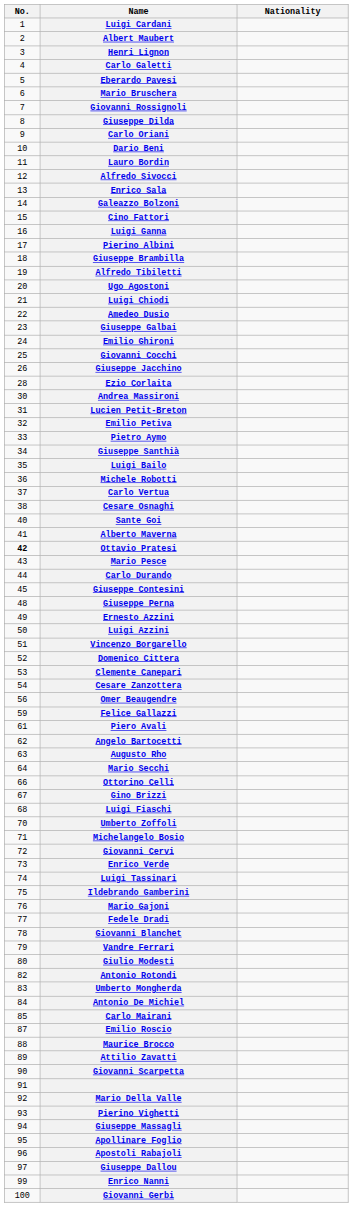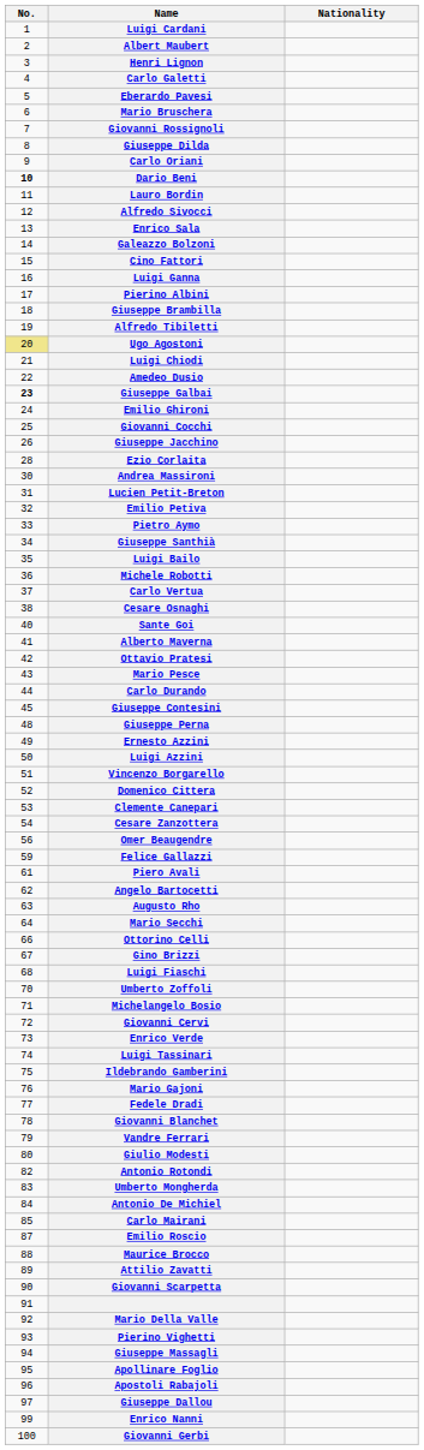 <table class="wikitable plainrowheaders sortable" style="width:60%">
 <tr>
 <th scope="col">No.</th>
 <th scope="col">Name</th>
 <th scope="col">Nationality</th>
 </tr>
 <tr>
 <td style="text-align:center;">1</td>
 <th scope="row"><a href='#'>Luigi Cardani</a></th>
 <td></td>
 </tr>
 <tr>
 <td style="text-align:center;">2</td>
 <th scope="row"><a href='#'>Albert Maubert</a></th>
 <td></td>
 </tr>
 <tr>
 <td style="text-align:center;">3</td>
 <th scope="row"><a href='#'>Henri Lignon</a></th>
 <td></td>
 </tr>
 <tr>
 <td style="text-align:center;">4</td>
 <th scope="row"><a href='#'>Carlo Galetti</a></th>
 <td></td>
 </tr>
 <tr>
 <td style="text-align:center;">5</td>
 <th scope="row"><a href='#'>Eberardo Pavesi</a></th>
 <td></td>
 </tr>
 <tr>
 <td style="text-align:center;">6</td>
 <th scope="row"><a href='#'>Mario Bruschera</a></th>
 <td></td>
 </tr>
 <tr>
 <td style="text-align:center;">7</td>
 <th scope="row"><a href='#'>Giovanni Rossignoli</a></th>
 <td></td>
 </tr>
 <tr>
 <td style="text-align:center;">8</td>
 <th scope="row"><a href='#'>Giuseppe Dilda</a></th>
 <td></td>
 </tr>
 <tr>
 <td style="text-align:center;">9</td>
 <th scope="row"><a href='#'>Carlo Oriani</a></th>
 <td></td>
 </tr>
 <tr>
-<td style="text-align:center;">10</td>
+<td style="text-align:center;"><strong>10</strong></td>
 <th scope="row"><a href='#'>Dario Beni</a></th>
 <td></td>
 </tr>
 <tr>
 <td style="text-align:center;">11</td>
 <th scope="row"><a href='#'>Lauro Bordin</a></th>
 <td></td>
 </tr>
 <tr>
 <td style="text-align:center;">12</td>
 <th scope="row"><a href='#'>Alfredo Sivocci</a></th>
 <td></td>
 </tr>
 <tr>
 <td style="text-align:center;">13</td>
 <th scope="row"><a href='#'>Enrico Sala</a></th>
 <td></td>
 </tr>
 <tr>
 <td style="text-align:center;">14</td>
 <th scope="row"><a href='#'>Galeazzo Bolzoni</a></th>
 <td></td>
 </tr>
 <tr>
 <td style="text-align:center;">15</td>
 <th scope="row"><a href='#'>Cino Fattori</a></th>
 <td></td>
 </tr>
 <tr>
 <td style="text-align:center;">16</td>
 <th scope="row"><a href='#'>Luigi Ganna</a></th>
 <td></td>
 </tr>
 <tr>
 <td style="text-align:center;">17</td>
 <th scope="row"><a href='#'>Pierino Albini</a></th>
 <td></td>
 </tr>
 <tr>
 <td style="text-align:center;">18</td>
 <th scope="row"><a href='#'>Giuseppe Brambilla</a></th>
 <td></td>
 </tr>
 <tr>
 <td style="text-align:center;">19</td>
 <th scope="row"><a href='#'>Alfredo Tibiletti</a></th>
 <td></td>
 </tr>
 <tr>
-<td style="text-align:center;">20</td>
+<td style="background: khaki; text-align:center;">20</td>
 <th scope="row"><a href='#'>Ugo Agostoni</a></th>
 <td></td>
 </tr>
 <tr>
 <td style="text-align:center;">21</td>
 <th scope="row"><a href='#'>Luigi Chiodi</a></th>
 <td></td>
 </tr>
 <tr>
 <td style="text-align:center;">22</td>
 <th scope="row"><a href='#'>Amedeo Dusio</a></th>
 <td></td>
 </tr>
 <tr>
-<td style="text-align:center;">23</td>
+<td style="text-align:center;"><strong>23</strong></td>
 <th scope="row"><a href='#'>Giuseppe Galbai</a></th>
 <td></td>
 </tr>
 <tr>
 <td style="text-align:center;">24</td>
 <th scope="row"><a href='#'>Emilio Ghironi</a></th>
 <td></td>
 </tr>
 <tr>
 <td style="text-align:center;">25</td>
 <th scope="row"><a href='#'>Giovanni Cocchi</a></th>
 <td></td>
 </tr>
 <tr>
 <td style="text-align:center;">26</td>
 <th scope="row"><a href='#'>Giuseppe Jacchino</a></th>
 <td></td>
 </tr>
 <tr>
 <td style="text-align:center;">28</td>
 <th scope="row"><a href='#'>Ezio Corlaita</a></th>
 <td></td>
 </tr>
 <tr>
 <td style="text-align:center;">30</td>
 <th scope="row"><a href='#'>Andrea Massironi</a></th>
 <td></td>
 </tr>
 <tr>
 <td style="text-align:center;">31</td>
 <th scope="row"><a href='#'>Lucien Petit-Breton</a></th>
 <td></td>
 </tr>
 <tr>
 <td style="text-align:center;">32</td>
 <th scope="row"><a href='#'>Emilio Petiva</a></th>
 <td></td>
 </tr>
 <tr>
 <td style="text-align:center;">33</td>
 <th scope="row"><a href='#'>Pietro Aymo</a></th>
 <td></td>
 </tr>
 <tr>
 <td style="text-align:center;">34</td>
 <th scope="row"><a href='#'>Giuseppe Santhià</a></th>
 <td></td>
 </tr>
 <tr>
 <td style="text-align:center;">35</td>
 <th scope="row"><a href='#'>Luigi Bailo</a></th>
 <td></td>
 </tr>
 <tr>
 <td style="text-align:center;">36</td>
 <th scope="row"><a href='#'>Michele Robotti</a></th>
 <td></td>
 </tr>
 <tr>
 <td style="text-align:center;">37</td>
 <th scope="row"><a href='#'>Carlo Vertua</a></th>
 <td></td>
 </tr>
 <tr>
 <td style="text-align:center;">38</td>
 <th scope="row"><a href='#'>Cesare Osnaghi</a></th>
 <td></td>
 </tr>
 <tr>
 <td style="text-align:center;">40</td>
 <th scope="row"><a href='#'>Sante Goi</a></th>
 <td></td>
 </tr>
 <tr>
 <td style="text-align:center;">41</td>
 <th scope="row"><a href='#'>Alberto Maverna</a></th>
 <td></td>
 </tr>
 <tr>
-<td style="text-align:center;"><strong>42</strong></td>
+<td style="text-align:center;">42</td>
 <th scope="row"><a href='#'>Ottavio Pratesi</a></th>
 <td></td>
 </tr>
 <tr>
 <td style="text-align:center;">43</td>
 <th scope="row"><a href='#'>Mario Pesce</a></th>
 <td></td>
 </tr>
 <tr>
 <td style="text-align:center;">44</td>
 <th scope="row"><a href='#'>Carlo Durando</a></th>
 <td></td>
 </tr>
 <tr>
 <td style="text-align:center;">45</td>
 <th scope="row"><a href='#'>Giuseppe Contesini</a></th>
 <td></td>
 </tr>
 <tr>
 <td style="text-align:center;">48</td>
 <th scope="row"><a href='#'>Giuseppe Perna</a></th>
 <td></td>
 </tr>
 <tr>
 <td style="text-align:center;">49</td>
 <th scope="row"><a href='#'>Ernesto Azzini</a></th>
 <td></td>
 </tr>
 <tr>
 <td style="text-align:center;">50</td>
 <th scope="row"><a href='#'>Luigi Azzini</a></th>
 <td></td>
 </tr>
 <tr>
 <td style="text-align:center;">51</td>
 <th scope="row"><a href='#'>Vincenzo Borgarello</a></th>
 <td></td>
 </tr>
 <tr>
 <td style="text-align:center;">52</td>
 <th scope="row"><a href='#'>Domenico Cittera</a></th>
 <td></td>
 </tr>
 <tr>
 <td style="text-align:center;">53</td>
 <th scope="row"><a href='#'>Clemente Canepari</a></th>
 <td></td>
 </tr>
 <tr>
 <td style="text-align:center;">54</td>
 <th scope="row"><a href='#'>Cesare Zanzottera</a></th>
 <td></td>
 </tr>
 <tr>
 <td style="text-align:center;">56</td>
 <th scope="row"><a href='#'>Omer Beaugendre</a></th>
 <td></td>
 </tr>
 <tr>
 <td style="text-align:center;">59</td>
 <th scope="row"><a href='#'>Felice Gallazzi</a></th>
 <td></td>
 </tr>
 <tr>
 <td style="text-align:center;">61</td>
 <th scope="row"><a href='#'>Piero Avali</a></th>
 <td></td>
 </tr>
 <tr>
 <td style="text-align:center;">62</td>
 <th scope="row"><a href='#'>Angelo Bartocetti</a></th>
 <td></td>
 </tr>
 <tr>
 <td style="text-align:center;">63</td>
 <th scope="row"><a href='#'>Augusto Rho</a></th>
 <td></td>
 </tr>
 <tr>
 <td style="text-align:center;">64</td>
 <th scope="row"><a href='#'>Mario Secchi</a></th>
 <td></td>
 </tr>
 <tr>
 <td style="text-align:center;">66</td>
 <th scope="row"><a href='#'>Ottorino Celli</a></th>
 <td></td>
 </tr>
 <tr>
 <td style="text-align:center;">67</td>
 <th scope="row"><a href='#'>Gino Brizzi</a></th>
 <td></td>
 </tr>
 <tr>
 <td style="text-align:center;">68</td>
 <th scope="row"><a href='#'>Luigi Fiaschi</a></th>
 <td></td>
 </tr>
 <tr>
 <td style="text-align:center;">70</td>
 <th scope="row"><a href='#'>Umberto Zoffoli</a></th>
 <td></td>
 </tr>
 <tr>
 <td style="text-align:center;">71</td>
 <th scope="row"><a href='#'>Michelangelo Bosio</a></th>
 <td></td>
 </tr>
 <tr>
 <td style="text-align:center;">72</td>
 <th scope="row"><a href='#'>Giovanni Cervi</a></th>
 <td></td>
 </tr>
 <tr>
 <td style="text-align:center;">73</td>
 <th scope="row"><a href='#'>Enrico Verde</a></th>
 <td></td>
 </tr>
 <tr>
 <td style="text-align:center;">74</td>
 <th scope="row"><a href='#'>Luigi Tassinari</a></th>
 <td></td>
 </tr>
 <tr>
 <td style="text-align:center;">75</td>
 <th scope="row"><a href='#'>Ildebrando Gamberini</a></th>
 <td></td>
 </tr>
 <tr>
 <td style="text-align:center;">76</td>
 <th scope="row"><a href='#'>Mario Gajoni</a></th>
 <td></td>
 </tr>
 <tr>
 <td style="text-align:center;">77</td>
 <th scope="row"><a href='#'>Fedele Dradi</a></th>
 <td></td>
 </tr>
 <tr>
 <td style="text-align:center;">78</td>
 <th scope="row"><a href='#'>Giovanni Blanchet</a></th>
 <td></td>
 </tr>
 <tr>
 <td style="text-align:center;">79</td>
 <th scope="row"><a href='#'>Vandre Ferrari</a></th>
 <td></td>
 </tr>
 <tr>
 <td style="text-align:center;">80</td>
 <th scope="row"><a href='#'>Giulio Modesti</a></th>
 <td></td>
 </tr>
 <tr>
 <td style="text-align:center;">82</td>
 <th scope="row"><a href='#'>Antonio Rotondi</a></th>
 <td></td>
 </tr>
 <tr>
 <td style="text-align:center;">83</td>
 <th scope="row"><a href='#'>Umberto Mongherda</a></th>
 <td></td>
 </tr>
 <tr>
 <td style="text-align:center;">84</td>
 <th scope="row"><a href='#'>Antonio De Michiel</a></th>
 <td></td>
 </tr>
 <tr>
 <td style="text-align:center;">85</td>
 <th scope="row"><a href='#'>Carlo Mairani</a></th>
 <td></td>
 </tr>
 <tr>
 <td style="text-align:center;">87</td>
 <th scope="row"><a href='#'>Emilio Roscio</a></th>
 <td></td>
 </tr>
 <tr>
 <td style="text-align:center;">88</td>
 <th scope="row"><a href='#'>Maurice Brocco</a></th>
 <td></td>
 </tr>
 <tr>
 <td style="text-align:center;">89</td>
 <th scope="row"><a href='#'>Attilio Zavatti</a></th>
 <td></td>
 </tr>
 <tr>
 <td style="text-align:center;">90</td>
 <th scope="row"><a href='#'>Giovanni Scarpetta</a></th>
 <td></td>
 </tr>
 <tr>
 <td style="text-align:center;">91</td>
 <th scope="row"></th>
 <td></td>
 </tr>
 <tr>
 <td style="text-align:center;">92</td>
 <th scope="row"><a href='#'>Mario Della Valle</a></th>
 <td></td>
 </tr>
 <tr>
 <td style="text-align:center;">93</td>
 <th scope="row"><a href='#'>Pierino Vighetti</a></th>
 <td></td>
 </tr>
 <tr>
 <td style="text-align:center;">94</td>
 <th scope="row"><a href='#'>Giuseppe Massagli</a></th>
 <td></td>
 </tr>
 <tr>
 <td style="text-align:center;">95</td>
 <th scope="row"><a href='#'>Apollinare Foglio</a></th>
 <td></td>
 </tr>
 <tr>
 <td style="text-align:center;">96</td>
 <th scope="row"><a href='#'>Apostoli Rabajoli</a></th>
 <td></td>
 </tr>
 <tr>
 <td style="text-align:center;">97</td>
 <th scope="row"><a href='#'>Giuseppe Dallou</a></th>
 <td></td>
 </tr>
 <tr>
 <td style="text-align:center;">99</td>
 <th scope="row"><a href='#'>Enrico Nanni</a></th>
 <td></td>
 </tr>
 <tr>
 <td style="text-align:center;">100</td>
 <th scope="row"><a href='#'>Giovanni Gerbi</a></th>
 <td></td>
 </tr>
 </table>
